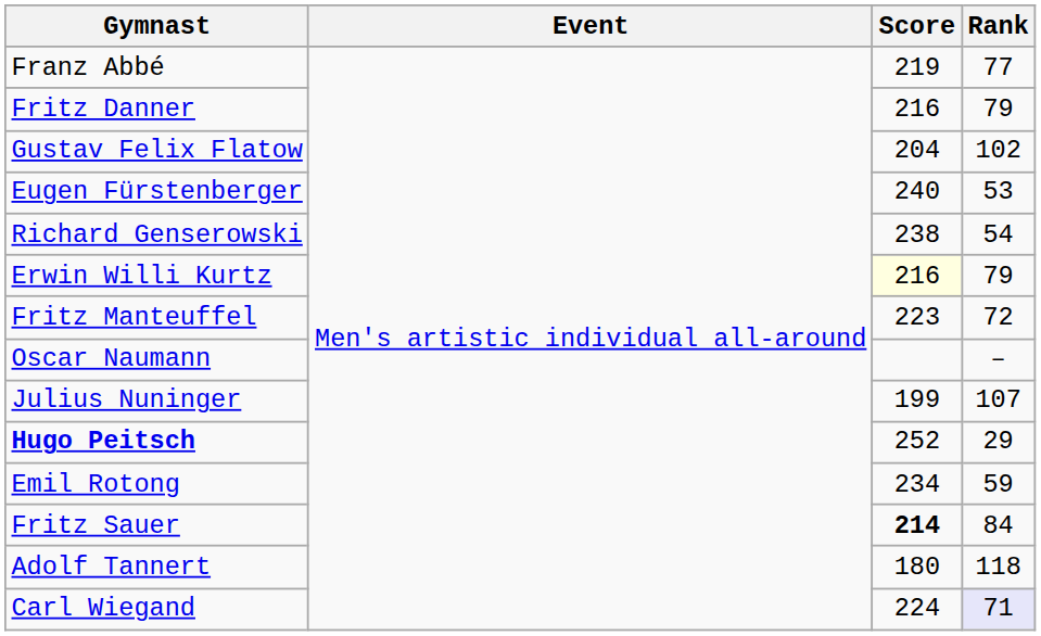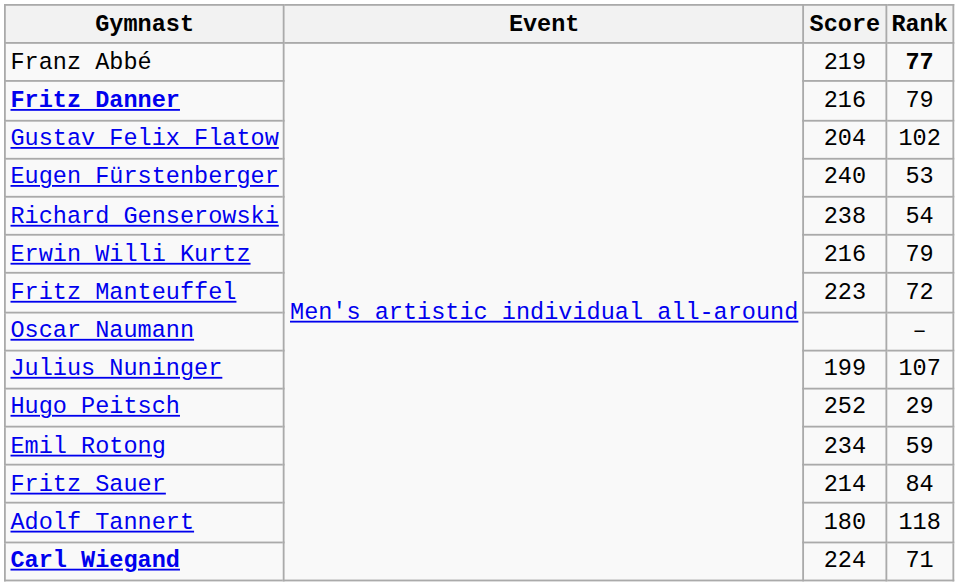 <table class=wikitable>
 <tr>
 <th>Gymnast</th>
 <th>Event</th>
 <th>Score</th>
 <th>Rank</th>
 </tr>
 <tr align=center>
 <td align=left>Franz Abbé</td>
 <td rowspan=14><a href='#'>Men's artistic individual all-around</a></td>
 <td>219</td>
-<td>77</td>
+<td><strong>77</strong></td>
 </tr>
 <tr align=center>
-<td align=left><a href='#'>Fritz Danner</a></td>
+<td align=left><strong><a href='#'>Fritz Danner</a></strong></td>
 <td>216</td>
 <td>79</td>
 </tr>
 <tr align=center>
 <td align=left><a href='#'>Gustav Felix Flatow</a></td>
 <td>204</td>
 <td>102</td>
 </tr>
 <tr align=center>
 <td align=left><a href='#'>Eugen Fürstenberger</a></td>
 <td>240</td>
 <td>53</td>
 </tr>
 <tr align=center>
 <td align=left><a href='#'>Richard Genserowski</a></td>
 <td>238</td>
 <td>54</td>
 </tr>
 <tr align=center>
 <td align=left><a href='#'>Erwin Willi Kurtz</a></td>
-<td style="background: lightyellow;">216</td>
+<td>216</td>
 <td>79</td>
 </tr>
 <tr align=center>
 <td align=left><a href='#'>Fritz Manteuffel</a></td>
 <td>223</td>
 <td>72</td>
 </tr>
 <tr align=center>
 <td align=left><a href='#'>Oscar Naumann</a></td>
 <td></td>
 <td>–</td>
 </tr>
 <tr align=center>
 <td align=left><a href='#'>Julius Nuninger</a></td>
 <td>199</td>
 <td>107</td>
 </tr>
 <tr align=center>
-<td align=left><strong><a href='#'>Hugo Peitsch</a></strong></td>
+<td align=left><a href='#'>Hugo Peitsch</a></td>
 <td>252</td>
 <td>29</td>
 </tr>
 <tr align=center>
 <td align=left><a href='#'>Emil Rotong</a></td>
 <td>234</td>
 <td>59</td>
 </tr>
 <tr align=center>
 <td align=left><a href='#'>Fritz Sauer</a></td>
-<td><strong>214</strong></td>
+<td>214</td>
 <td>84</td>
 </tr>
 <tr align=center>
 <td align=left><a href='#'>Adolf Tannert</a></td>
 <td>180</td>
 <td>118</td>
 </tr>
 <tr align=center>
-<td align=left><a href='#'>Carl Wiegand</a></td>
+<td align=left><strong><a href='#'>Carl Wiegand</a></strong></td>
 <td>224</td>
-<td style="background: lavender;">71</td>
+<td>71</td>
 </tr>
 </table>
